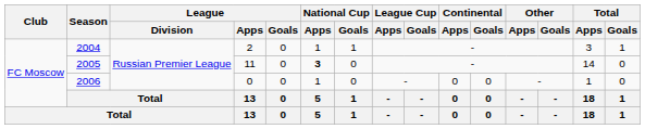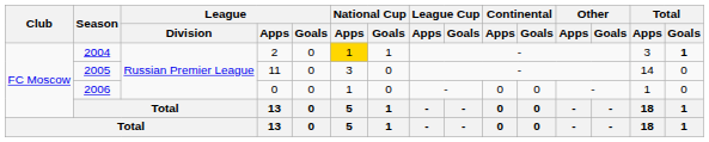 <table class="wikitable" style="text-align: center">
 <tr>
 <th rowspan="2">Club</th>
 <th rowspan="2">Season</th>
 <th colspan="3">League</th>
 <th colspan="2">National Cup</th>
 <th colspan="2">League Cup</th>
 <th colspan="2">Continental</th>
 <th colspan="2">Other</th>
 <th colspan="2">Total</th>
 </tr>
 <tr>
 <th>Division</th>
 <th>Apps</th>
 <th>Goals</th>
 <th>Apps</th>
 <th>Goals</th>
 <th>Apps</th>
 <th>Goals</th>
 <th>Apps</th>
 <th>Goals</th>
 <th>Apps</th>
 <th>Goals</th>
 <th>Apps</th>
 <th>Goals</th>
 </tr>
 <tr>
 <td rowspan="4"><a href='#'>FC Moscow</a></td>
 <td><a href='#'>2004</a></td>
 <td rowspan="3"><a href='#'>Russian Premier League</a></td>
 <td>2</td>
 <td>0</td>
-<td>1</td>
+<td style="background: gold;">1</td>
 <td>1</td>
 <td colspan="6">-</td>
 <td>3</td>
-<td>1</td>
+<td><strong>1</strong></td>
 </tr>
 <tr>
 <td><a href='#'>2005</a></td>
 <td>11</td>
 <td>0</td>
-<td><strong>3</strong></td>
+<td>3</td>
 <td>0</td>
 <td colspan="6">-</td>
 <td>14</td>
 <td>0</td>
 </tr>
 <tr>
 <td><a href='#'>2006</a></td>
 <td>0</td>
 <td>0</td>
 <td>1</td>
 <td>0</td>
 <td colspan="2">-</td>
 <td>0</td>
 <td>0</td>
 <td colspan="2">-</td>
 <td>1</td>
 <td>0</td>
 </tr>
 <tr>
 <th colspan="2">Total</th>
 <th>13</th>
 <th>0</th>
 <th>5</th>
 <th>1</th>
 <th>-</th>
 <th>-</th>
 <th>0</th>
 <th>0</th>
 <th>-</th>
 <th>-</th>
 <th>18</th>
 <th>1</th>
 </tr>
 <tr>
 <th colspan="3">Total</th>
 <th>13</th>
 <th>0</th>
 <th>5</th>
 <th>1</th>
 <th>-</th>
 <th>-</th>
 <th>0</th>
 <th>0</th>
 <th>-</th>
 <th>-</th>
 <th>18</th>
 <th>1</th>
 </tr>
 </table>
